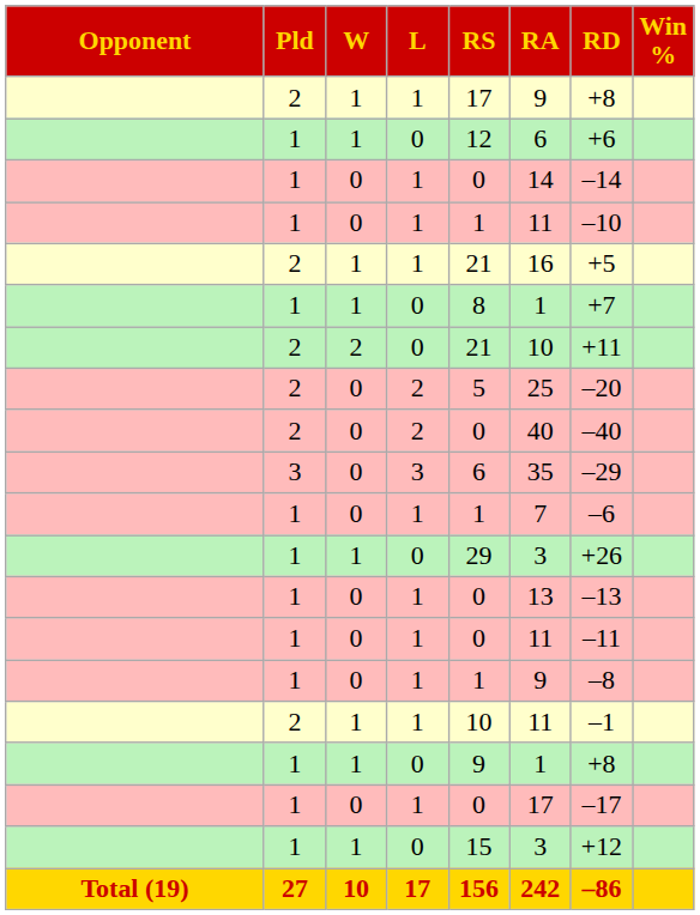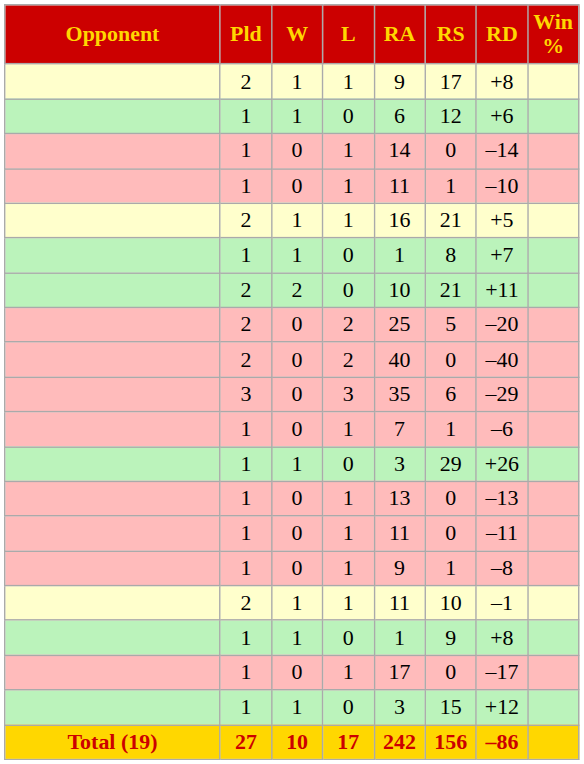 <table class="wikitable sortable" style="text-align: center">
 <tr>
 <th style="color:#FFD700; background:#CC0000;" width=150>Opponent<br></th>
 <th style="color:#FFD700; background:#CC0000;" width=30>Pld<br></th>
 <th style="color:#FFD700; background:#CC0000;" width=30>W<br></th>
 <th style="color:#FFD700; background:#CC0000;" width=30>L<br></th>
+<th style="color:#FFD700; background:#CC0000;" width=30>RA<br></th>
 <th style="color:#FFD700; background:#CC0000;" width=30>RS<br></th>
-<th style="color:#FFD700; background:#CC0000;" width=30>RA<br></th>
 <th style="color:#FFD700; background:#CC0000;" width=30>RD<br></th>
 <th style="color:#FFD700; background:#CC0000;" width=30>Win %<br></th>
 </tr>
 <tr style="background-color:#FFFFCC">
 <td style="text-align:left;"></td>
 <td>2</td>
 <td>1</td>
 <td>1</td>
+<td>9</td>
 <td>17</td>
-<td>9</td>
 <td>+8</td>
 <td></td>
 </tr>
 <tr style="background-color:#BBF3BB">
 <td style="text-align:left;"></td>
 <td>1</td>
 <td>1</td>
 <td>0</td>
+<td>6</td>
 <td>12</td>
-<td>6</td>
 <td>+6</td>
 <td></td>
 </tr>
 <tr style="background-color:#FFBBBB">
 <td style="text-align:left;"></td>
 <td>1</td>
 <td>0</td>
 <td>1</td>
+<td>14</td>
 <td>0</td>
-<td>14</td>
 <td>–14</td>
 <td></td>
 </tr>
 <tr style="background-color:#FFBBBB">
 <td style="text-align:left;"></td>
 <td>1</td>
 <td>0</td>
 <td>1</td>
+<td>11</td>
 <td>1</td>
-<td>11</td>
 <td>–10</td>
 <td></td>
 </tr>
 <tr style="background-color:#FFFFCC">
 <td style="text-align:left;"></td>
 <td>2</td>
 <td>1</td>
 <td>1</td>
+<td>16</td>
 <td>21</td>
-<td>16</td>
 <td>+5</td>
 <td></td>
 </tr>
 <tr style="background-color:#BBF3BB">
 <td style="text-align:left;"></td>
 <td>1</td>
 <td>1</td>
 <td>0</td>
+<td>1</td>
 <td>8</td>
-<td>1</td>
 <td>+7</td>
 <td></td>
 </tr>
 <tr style="background-color:#BBF3BB">
 <td style="text-align:left;"></td>
 <td>2</td>
 <td>2</td>
 <td>0</td>
+<td>10</td>
 <td>21</td>
-<td>10</td>
 <td>+11</td>
 <td></td>
 </tr>
 <tr style="background-color:#FFBBBB">
 <td style="text-align:left;"></td>
 <td>2</td>
 <td>0</td>
 <td>2</td>
+<td>25</td>
 <td>5</td>
-<td>25</td>
 <td>–20</td>
 <td></td>
 </tr>
 <tr style="background-color:#FFBBBB">
 <td style="text-align:left;"></td>
 <td>2</td>
 <td>0</td>
 <td>2</td>
+<td>40</td>
 <td>0</td>
-<td>40</td>
 <td>–40</td>
 <td></td>
 </tr>
 <tr style="background-color:#FFBBBB">
 <td style="text-align:left;"></td>
 <td>3</td>
 <td>0</td>
 <td>3</td>
+<td>35</td>
 <td>6</td>
-<td>35</td>
 <td>–29</td>
 <td></td>
 </tr>
 <tr style="background-color:#FFBBBB">
 <td style="text-align:left;"></td>
 <td>1</td>
 <td>0</td>
 <td>1</td>
+<td>7</td>
 <td>1</td>
-<td>7</td>
 <td>–6</td>
 <td></td>
 </tr>
 <tr style="background-color:#BBF3BB">
 <td style="text-align:left;"></td>
 <td>1</td>
 <td>1</td>
 <td>0</td>
+<td>3</td>
 <td>29</td>
-<td>3</td>
 <td>+26</td>
 <td></td>
 </tr>
 <tr style="background-color:#FFBBBB">
 <td style="text-align:left;"></td>
 <td>1</td>
 <td>0</td>
 <td>1</td>
+<td>13</td>
 <td>0</td>
-<td>13</td>
 <td>–13</td>
 <td></td>
 </tr>
 <tr style="background-color:#FFBBBB">
 <td style="text-align:left;"></td>
 <td>1</td>
 <td>0</td>
 <td>1</td>
+<td>11</td>
 <td>0</td>
-<td>11</td>
 <td>–11</td>
 <td></td>
 </tr>
 <tr style="background-color:#FFBBBB">
 <td style="text-align:left;"></td>
 <td>1</td>
 <td>0</td>
 <td>1</td>
+<td>9</td>
 <td>1</td>
-<td>9</td>
 <td>–8</td>
 <td></td>
 </tr>
 <tr style="background-color:#FFFFCC">
 <td style="text-align:left;"></td>
 <td>2</td>
 <td>1</td>
 <td>1</td>
+<td>11</td>
 <td>10</td>
-<td>11</td>
 <td>–1</td>
 <td></td>
 </tr>
 <tr style="background-color:#BBF3BB">
 <td style="text-align:left;"></td>
 <td>1</td>
 <td>1</td>
 <td>0</td>
+<td>1</td>
 <td>9</td>
-<td>1</td>
 <td>+8</td>
 <td></td>
 </tr>
 <tr style="background-color:#FFBBBB">
 <td style="text-align:left;"></td>
 <td>1</td>
 <td>0</td>
 <td>1</td>
+<td>17</td>
 <td>0</td>
-<td>17</td>
 <td>–17</td>
 <td></td>
 </tr>
 <tr style="background-color:#BBF3BB">
 <td style="text-align:left;"></td>
 <td>1</td>
 <td>1</td>
 <td>0</td>
+<td>3</td>
 <td>15</td>
-<td>3</td>
 <td>+12</td>
 <td></td>
 </tr>
 <tr>
 <th style="color:#CC0000; background:#FFD700;">Total (19)</th>
 <th style="color:#CC0000; background:#FFD700;">27</th>
 <th style="color:#CC0000; background:#FFD700;">10</th>
 <th style="color:#CC0000; background:#FFD700;">17</th>
+<th style="color:#CC0000; background:#FFD700;">242</th>
 <th style="color:#CC0000; background:#FFD700;">156</th>
-<th style="color:#CC0000; background:#FFD700;">242</th>
 <th style="color:#CC0000; background:#FFD700;">–86</th>
 <th style="color:#CC0000; background:#FFD700;"></th>
 </tr>
 </table>
